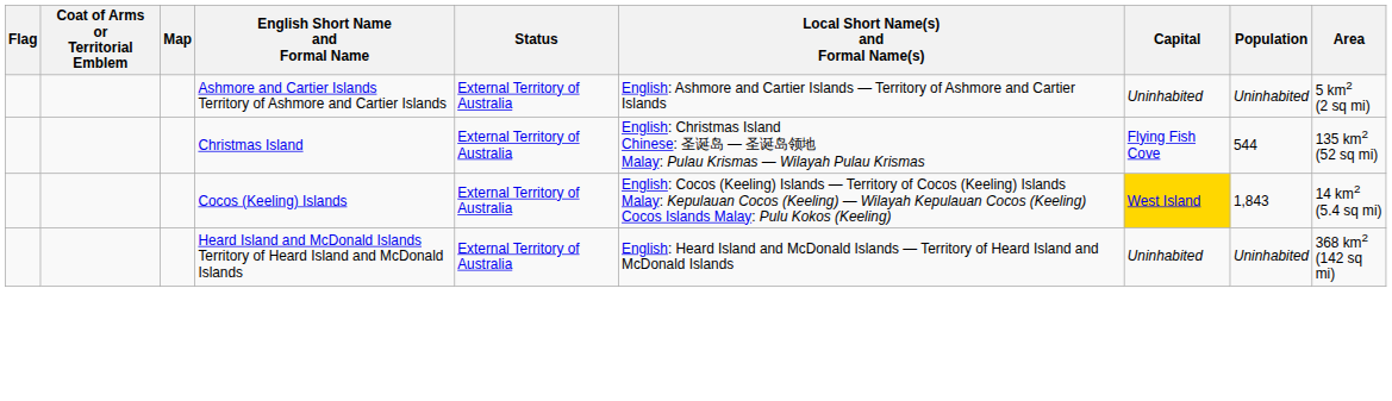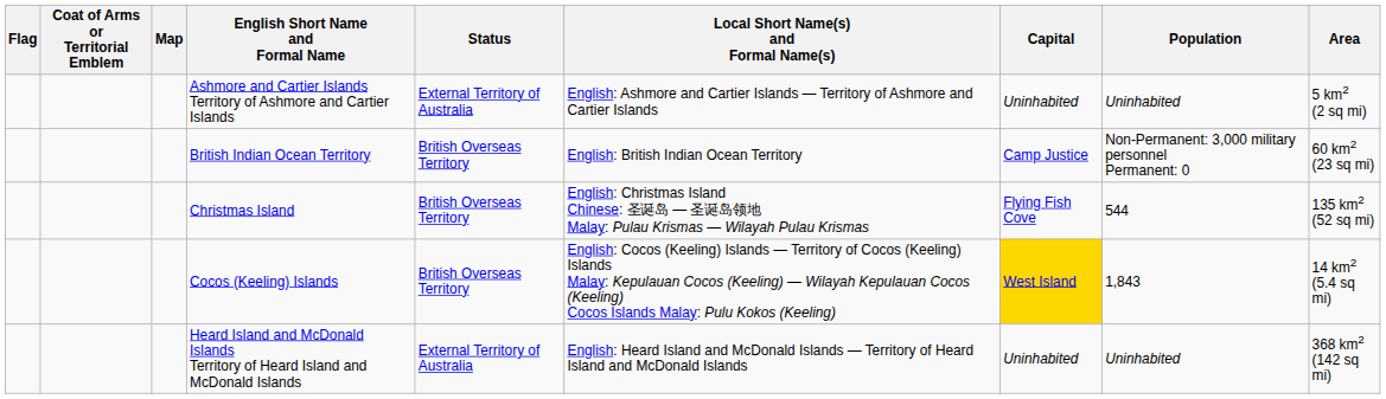 <table class="wikitable">
 <tr>
 <th>Flag</th>
 <th>Coat of Arms<br>or<br> Territorial Emblem</th>
 <th>Map</th>
 <th>English Short Name<br>and<br> Formal Name</th>
 <th>Status</th>
 <th>Local Short Name(s)<br>and<br>Formal Name(s)</th>
 <th>Capital</th>
 <th>Population</th>
 <th>Area</th>
 </tr>
 <tr>
 <td></td>
 <td></td>
 <td></td>
 <td><a href='#'>Ashmore and Cartier Islands</a><br>Territory of Ashmore and Cartier Islands</td>
 <td><a href='#'>External Territory of Australia</a></td>
 <td><a href='#'>English</a>: Ashmore and Cartier Islands — Territory of Ashmore and Cartier Islands</td>
 <td><em>Uninhabited</em></td>
 <td><em>Uninhabited</em></td>
 <td>5 km<sup>2</sup><br>(2 sq mi)</td>
 </tr>
 <tr>
 <td></td>
 <td></td>
 <td></td>
+<td><a href='#'>British Indian Ocean Territory</a></td>
+<td><a href='#'>British Overseas Territory</a></td>
+<td><a href='#'>English</a>: British Indian Ocean Territory</td>
+<td><a href='#'>Camp Justice</a></td>
+<td>Non-Permanent: 3,000 military personnel<br>Permanent: 0</td>
+<td>60 km<sup>2</sup><br>(23 sq mi)</td>
+</tr>
+<tr>
+<td></td>
+<td></td>
+<td></td>
 <td><a href='#'>Christmas Island</a></td>
-<td><a href='#'>External Territory of Australia</a></td>
+<td><a href='#'>British Overseas Territory</a></td>
 <td><a href='#'>English</a>: Christmas Island<br><a href='#'>Chinese</a>: 圣诞岛 — 圣诞岛领地<br><a href='#'>Malay</a>: <em>Pulau Krismas — Wilayah Pulau Krismas</em></td>
 <td><a href='#'>Flying Fish Cove</a></td>
 <td>544</td>
 <td>135 km<sup>2</sup><br>(52 sq mi)</td>
 </tr>
 <tr>
 <td></td>
 <td></td>
 <td></td>
 <td><a href='#'>Cocos (Keeling) Islands</a></td>
-<td><a href='#'>External Territory of Australia</a></td>
+<td><a href='#'>British Overseas Territory</a></td>
 <td><a href='#'>English</a>: Cocos (Keeling) Islands — Territory of Cocos (Keeling) Islands<br><a href='#'>Malay</a>: <em>Kepulauan Cocos (Keeling)</em> — <em>Wilayah Kepulauan Cocos (Keeling)</em><br><a href='#'>Cocos Islands Malay</a>: <em>Pulu Kokos (Keeling)</em></td>
 <td style="background: gold;"><a href='#'>West Island</a></td>
 <td>1,843</td>
 <td>14 km<sup>2</sup><br>(5.4 sq mi)</td>
 </tr>
 <tr>
 <td></td>
 <td></td>
 <td></td>
 <td><a href='#'>Heard Island and McDonald Islands</a><br>Territory of Heard Island and McDonald Islands</td>
 <td><a href='#'>External Territory of Australia</a></td>
 <td><a href='#'>English</a>: Heard Island and McDonald Islands — Territory of Heard Island and McDonald Islands</td>
 <td><em>Uninhabited</em></td>
 <td><em>Uninhabited</em></td>
 <td>368 km<sup>2</sup><br>(142 sq mi)</td>
 </tr>
 </table>
